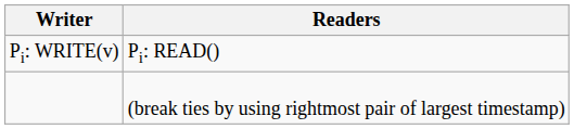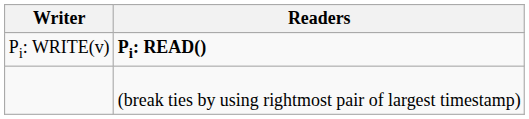 <table class="wikitable">
 <tr>
 <th>Writer</th>
 <th>Readers</th>
 </tr>
 <tr valign="top">
 <td>P<sub>i</sub>: WRITE(v)</td>
-<td>P<sub>i</sub>: READ()</td>
+<td><strong>P<sub>i</sub>: READ()</strong></td>
 </tr>
 <tr>
 <td></td>
 <td><br>(break ties by using rightmost pair of largest timestamp)</td>
 </tr>
 </table>
